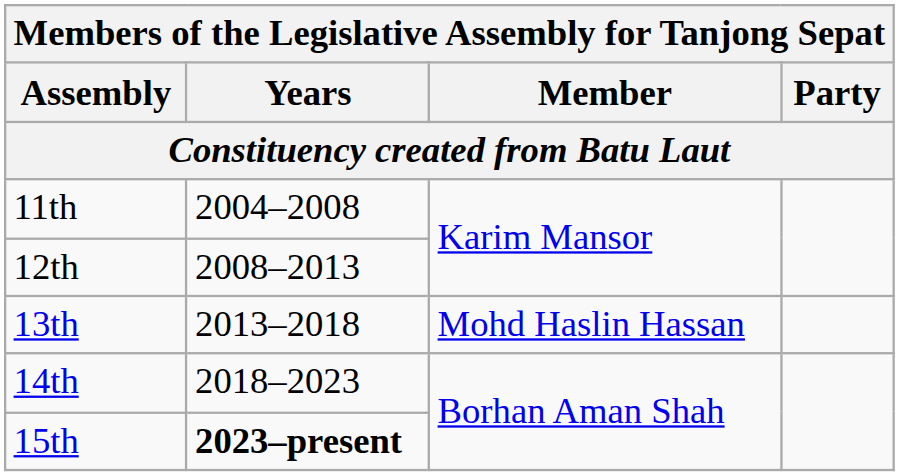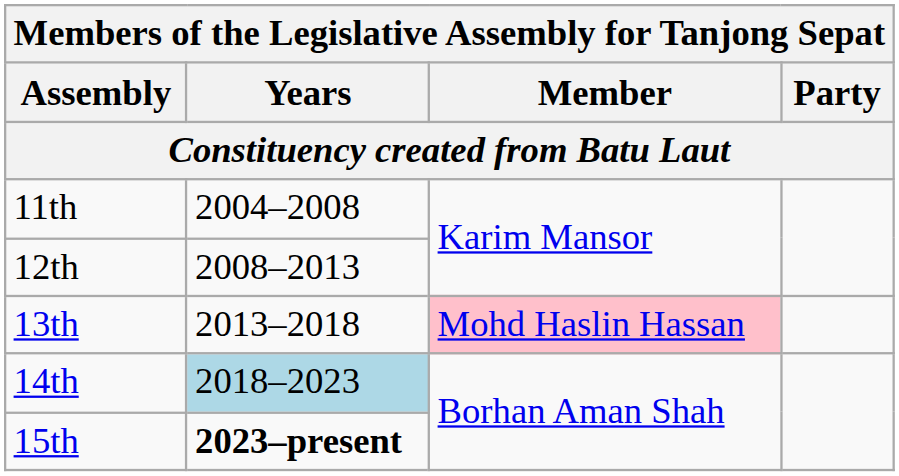 <table class=wikitable>
 <tr>
 <th colspan=4>Members of the Legislative Assembly for Tanjong Sepat</th>
 </tr>
 <tr>
 <th>Assembly</th>
 <th>Years</th>
 <th>Member</th>
 <th>Party</th>
 </tr>
 <tr>
 <th colspan=4 align=center><em>Constituency created from Batu Laut</em></th>
 </tr>
 <tr>
 <td>11th</td>
 <td>2004–2008</td>
 <td rowspan=2><a href='#'>Karim Mansor</a></td>
 <td rowspan=2></td>
 </tr>
 <tr>
 <td>12th</td>
 <td>2008–2013</td>
 </tr>
 <tr>
 <td><a href='#'>13th</a></td>
 <td>2013–2018</td>
-<td><a href='#'>Mohd Haslin Hassan</a></td>
+<td style="background: pink;"><a href='#'>Mohd Haslin Hassan</a></td>
 <td></td>
 </tr>
 <tr>
 <td><a href='#'>14th</a></td>
-<td>2018–2023</td>
+<td style="background: lightblue;">2018–2023</td>
 <td rowspan="2"><a href='#'>Borhan Aman Shah</a></td>
 <td rowspan="2"></td>
 </tr>
 <tr>
 <td><a href='#'>15th</a></td>
 <td><strong>2023–present</strong></td>
 </tr>
 </table>
